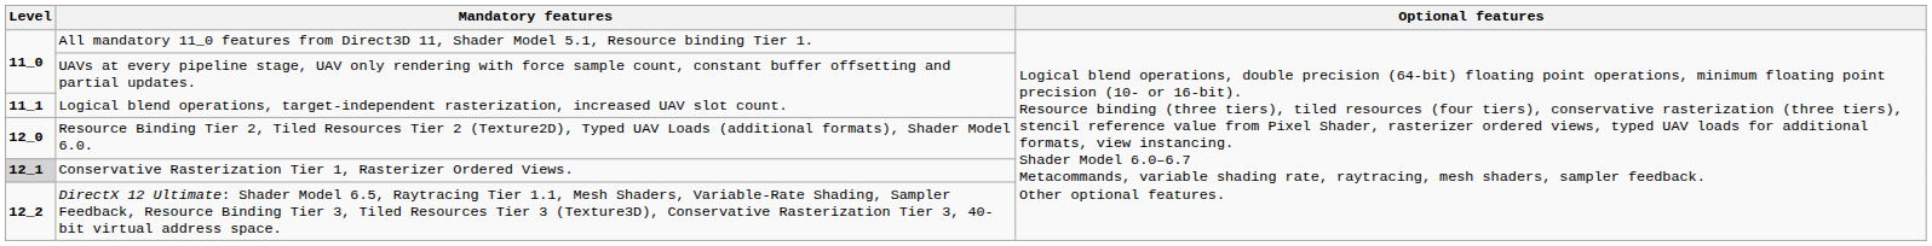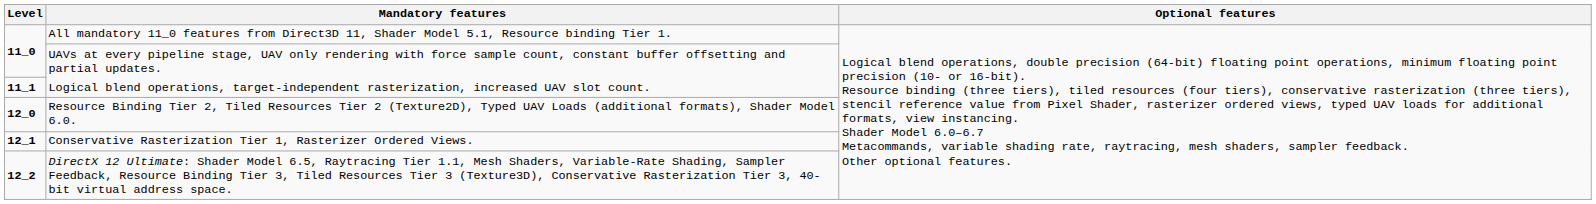 <table class="wikitable" style="font-size: 90%">
 <tr>
 <th>Level</th>
 <th style="width:50%;">Mandatory features</th>
 <th>Optional features</th>
 </tr>
 <tr>
 <td rowspan="2"><strong>11_0</strong></td>
 <td>All mandatory 11_0 features from Direct3D 11, Shader Model 5.1, Resource binding Tier 1.</td>
 <td rowspan="6">Logical blend operations, double precision (64-bit) floating point operations, minimum floating point precision (10- or 16-bit).<br>Resource binding (three tiers), tiled resources (four tiers), conservative rasterization (three tiers), stencil reference value from Pixel Shader, rasterizer ordered views, typed UAV loads for additional formats, view instancing.<br>Shader Model 6.0–6.7<br>Metacommands, variable shading rate, raytracing, mesh shaders, sampler feedback.<br>Other optional features.</td>
 </tr>
 <tr>
 <td style="border-bottom-style:hidden">UAVs at every pipeline stage, UAV only rendering with force sample count, constant buffer offsetting and partial updates.</td>
 </tr>
 <tr>
 <td><strong>11_1</strong></td>
 <td style="border-top-style:hidden">Logical blend operations, target-independent rasterization, increased UAV slot count.</td>
 </tr>
 <tr>
 <td><strong>12_0</strong></td>
 <td>Resource Binding Tier 2, Tiled Resources Tier 2 (Texture2D), Typed UAV Loads (additional formats), Shader Model 6.0.</td>
 </tr>
 <tr>
-<td style="background: lightgrey;"><strong>12_1</strong></td>
+<td><strong>12_1</strong></td>
 <td>Conservative Rasterization Tier 1, Rasterizer Ordered Views.</td>
 </tr>
 <tr>
 <td><strong>12_2</strong></td>
 <td><em>DirectX 12 Ultimate</em>: Shader Model 6.5, Raytracing Tier 1.1, Mesh Shaders, Variable-Rate Shading, Sampler Feedback, Resource Binding Tier 3, Tiled Resources Tier 3 (Texture3D), Conservative Rasterization Tier 3, 40-bit virtual address space.</td>
 </tr>
 </table>
